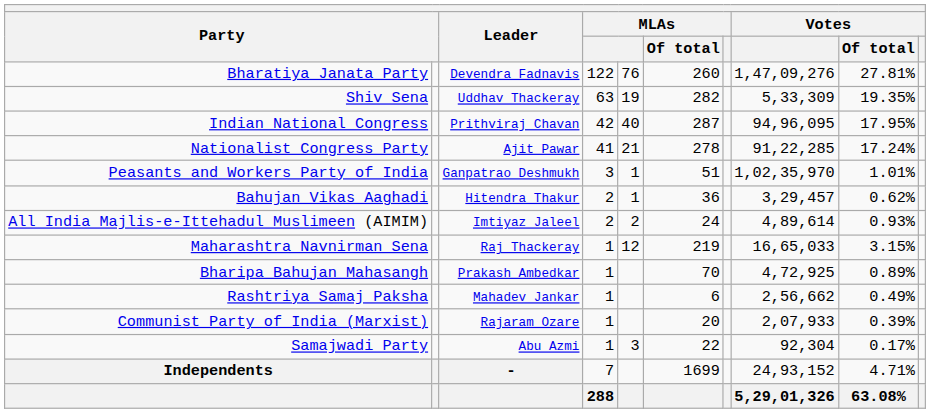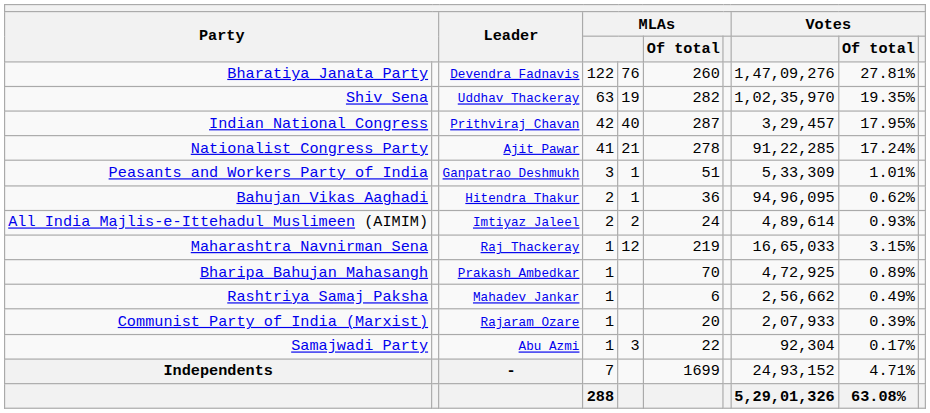 <table class="wikitable sortable" style="text-align:right;">
 <tr>
 <th colspan="10"></th>
 </tr>
 <tr>
 <th colspan="2" rowspan="2">Party</th>
 <th rowspan="2">Leader</th>
 <th colspan="4">MLAs</th>
 <th colspan="3">Votes</th>
 </tr>
 <tr>
 <th colspan="2"></th>
 <th>Of total</th>
 <th class="unsortable"></th>
 <th></th>
 <th>Of total</th>
 <th class="unsortable"></th>
 </tr>
 <tr>
 <td><a href='#'>Bharatiya Janata Party</a></td>
 <td style="color:inherit;background-color:"></td>
 <td><a href='#'><small>Devendra Fadnavis</small></a></td>
 <td>122</td>
 <td>76</td>
 <td>260</td>
 <td></td>
 <td>1,47,09,276</td>
 <td>27.81%</td>
 <td></td>
 </tr>
 <tr>
 <td><a href='#'>Shiv Sena</a></td>
 <td style="color:inherit;background-color: "></td>
 <td><a href='#'><small>Uddhav Thackeray</small></a></td>
 <td>63</td>
 <td>19</td>
 <td>282</td>
 <td></td>
-<td>5,33,309</td>
+<td>1,02,35,970</td>
 <td>19.35%</td>
 <td></td>
 </tr>
 <tr>
 <td><a href='#'>Indian National Congress</a></td>
 <td style="color:inherit;background-color: "></td>
 <td><a href='#'><small>Prithviraj Chavan</small></a></td>
 <td>42</td>
 <td>40</td>
 <td>287</td>
 <td></td>
-<td>94,96,095</td>
+<td>3,29,457</td>
 <td>17.95%</td>
 <td></td>
 </tr>
 <tr>
 <td><a href='#'>Nationalist Congress Party</a></td>
 <td style="color:inherit;background-color: "></td>
 <td><a href='#'><small>Ajit Pawar</small></a></td>
 <td>41</td>
 <td>21</td>
 <td>278</td>
 <td></td>
 <td>91,22,285</td>
 <td>17.24%</td>
 <td></td>
 </tr>
 <tr>
 <td><a href='#'>Peasants and Workers Party of India</a></td>
 <td style="color:inherit;background-color: "></td>
 <td><a href='#'><small>Ganpatrao Deshmukh</small></a></td>
 <td>3</td>
 <td>1</td>
 <td>51</td>
 <td></td>
-<td>1,02,35,970</td>
+<td>5,33,309</td>
 <td>1.01%</td>
 <td></td>
 </tr>
 <tr>
 <td><a href='#'>Bahujan Vikas Aaghadi</a></td>
 <td style="color:inherit;background-color: "></td>
 <td><a href='#'><small>Hitendra Thakur</small></a></td>
 <td>2</td>
 <td>1</td>
 <td>36</td>
 <td></td>
-<td>3,29,457</td>
+<td>94,96,095</td>
 <td>0.62%</td>
 <td></td>
 </tr>
 <tr>
 <td><a href='#'>All India Majlis-e-Ittehadul Muslimeen</a> (AIMIM)</td>
 <td style="color:inherit;background:"></td>
 <td><a href='#'><small>Imtiyaz Jaleel</small></a></td>
 <td>2</td>
 <td>2</td>
 <td>24</td>
 <td></td>
 <td>4,89,614</td>
 <td>0.93%</td>
 <td></td>
 </tr>
 <tr>
 <td><a href='#'>Maharashtra Navnirman Sena</a></td>
 <td style="color:inherit;background-color: "></td>
 <td><a href='#'><small>Raj Thackeray</small></a></td>
 <td>1</td>
 <td>12</td>
 <td>219</td>
 <td></td>
 <td>16,65,033</td>
 <td>3.15%</td>
 <td></td>
 </tr>
 <tr>
 <td><a href='#'>Bharipa Bahujan Mahasangh</a></td>
 <td style="color:inherit;background-color: "></td>
 <td><a href='#'><small>Prakash Ambedkar</small></a></td>
 <td>1</td>
 <td></td>
 <td>70</td>
 <td></td>
 <td>4,72,925</td>
 <td>0.89%</td>
 <td></td>
 </tr>
 <tr>
 <td><a href='#'>Rashtriya Samaj Paksha</a></td>
 <td style="color:inherit;background-color: "></td>
 <td><a href='#'><small>Mahadev Jankar</small></a></td>
 <td>1</td>
 <td></td>
 <td>6</td>
 <td></td>
 <td>2,56,662</td>
 <td>0.49%</td>
 <td></td>
 </tr>
 <tr>
 <td><a href='#'>Communist Party of India (Marxist)</a></td>
 <td style="color:inherit;background-color: "></td>
 <td><a href='#'><small>Rajaram Ozare</small></a></td>
 <td>1</td>
 <td></td>
 <td>20</td>
 <td></td>
 <td>2,07,933</td>
 <td>0.39%</td>
 <td></td>
 </tr>
 <tr>
 <td><a href='#'>Samajwadi Party</a></td>
 <td style="color:inherit;background-color: "></td>
 <td><a href='#'><small>Abu Azmi</small></a></td>
 <td>1</td>
 <td>3</td>
 <td>22</td>
 <td></td>
 <td>92,304</td>
 <td>0.17%</td>
 <td></td>
 </tr>
 <tr>
 <th>Independents</th>
 <th></th>
 <th>-</th>
 <td>7</td>
 <td></td>
 <td>1699</td>
 <td></td>
 <td>24,93,152</td>
 <td>4.71%</td>
 <td></td>
 </tr>
 <tr>
 <th></th>
 <th></th>
 <th></th>
 <th>288</th>
 <th></th>
 <th></th>
 <th></th>
 <th>5,29,01,326</th>
 <th><strong>63.08%</strong></th>
 <th></th>
 </tr>
 </table>
